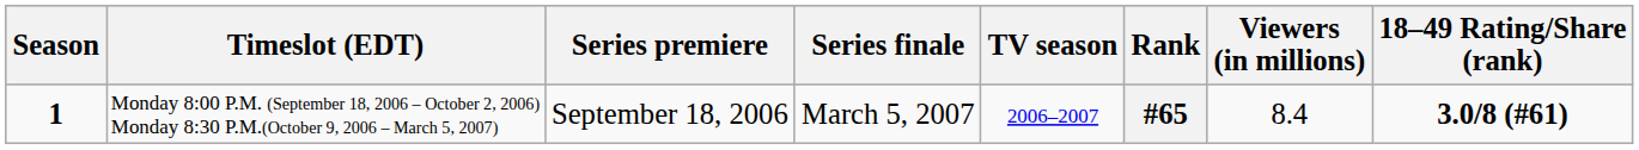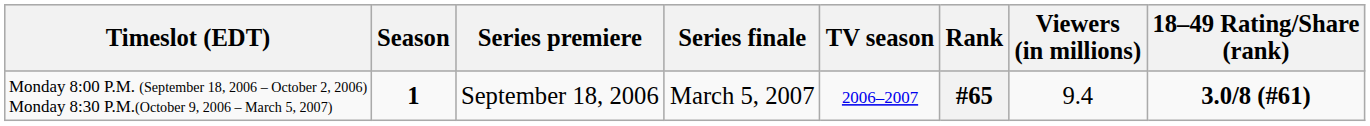 <table class="wikitable">
 <tr style="background:#e0e0e0;">
+<th>Timeslot (EDT)</th>
 <th>Season</th>
-<th>Timeslot (EDT)</th>
 <th>Series premiere</th>
 <th>Series finale</th>
 <th>TV season</th>
 <th>Rank</th>
 <th>Viewers<br>(in millions)</th>
 <th>18–49 Rating/Share<br> (rank)</th>
 </tr>
 <tr style="background:#f9f9f9;">
+<th style="background:#F9F9F9;font-size:11px;font-weight:normal;text-align:left;line-height:110%">Monday 8:00 P.M. <small>(September 18, 2006 – October 2, 2006)</small><br>Monday 8:30 P.M.<small>(October 9, 2006 – March 5, 2007)</small></th>
 <th style="background:#F9F9F9;text-align:center">1</th>
-<th style="background:#F9F9F9;font-size:11px;font-weight:normal;text-align:left;line-height:110%">Monday 8:00 P.M. <small>(September 18, 2006 – October 2, 2006)</small><br>Monday 8:30 P.M.<small>(October 9, 2006 – March 5, 2007)</small></th>
 <td>September 18, 2006</td>
 <td>March 5, 2007</td>
 <td style="font-size:11px;text-align:center"><a href='#'>2006–2007</a></td>
 <th style="text-align:center">#65</th>
-<td style="text-align:center">8.4</td>
+<td style="text-align:center">9.4</td>
 <td style="text-align:center"><strong>3.0/8 (#61)</strong></td>
 </tr>
 </table>
